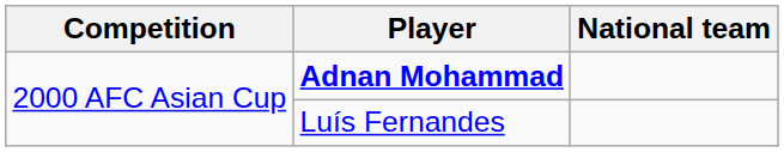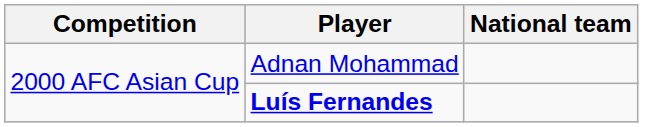 <table class="wikitable">
 <tr>
 <th>Competition</th>
 <th>Player</th>
 <th>National team</th>
 </tr>
 <tr>
 <td rowspan="2"><a href='#'>2000 AFC Asian Cup</a></td>
-<td><strong><a href='#'>Adnan Mohammad</a></strong></td>
+<td><a href='#'>Adnan Mohammad</a></td>
 <td></td>
 </tr>
 <tr>
-<td><a href='#'>Luís Fernandes</a></td>
+<td><strong><a href='#'>Luís Fernandes</a></strong></td>
 <td></td>
 </tr>
 </table>
